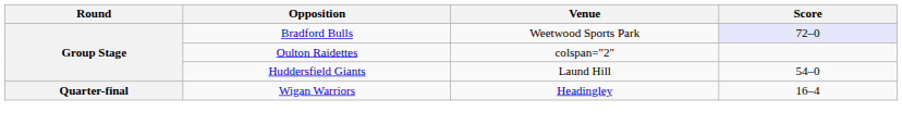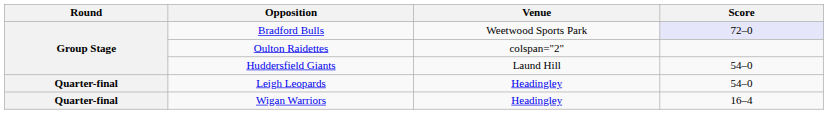 <table class="wikitable plainrowheaders" style="text-align:center; width: 75%;">
 <tr>
 <th scope="col" style="width:20%">Round</th>
 <th scope="col" style="width:30%">Opposition</th>
 <th scope="col" style="width:30%">Venue</th>
 <th scope="col" style="width:20%">Score</th>
 </tr>
 <tr>
 <th rowspan="3">Group Stage</th>
 <td> <a href='#'>Bradford Bulls</a></td>
 <td>Weetwood Sports Park</td>
 <td style="background: lavender;">72–0</td>
 </tr>
 <tr>
 <td> <a href='#'>Oulton Raidettes</a></td>
 <td>colspan="2"</td>
 </tr>
 <tr>
 <td> <a href='#'>Huddersfield Giants</a></td>
 <td>Laund Hill</td>
 <td>54–0</td>
 </tr>
 <tr>
 <th>Quarter-final</th>
+<td> <a href='#'>Leigh Leopards</a></td>
+<td><a href='#'>Headingley</a></td>
+<td>54–0</td>
+</tr>
+<tr>
+<th>Quarter-final</th>
 <td> <a href='#'>Wigan Warriors</a></td>
 <td><a href='#'>Headingley</a></td>
 <td>16–4</td>
 </tr>
 </table>
